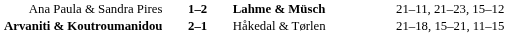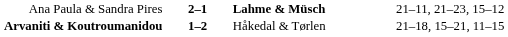 <table>
 <tr>
 <th width=200></th>
 <th width=80></th>
 <th width=200></th>
 <th width=220></th>
 </tr>
 <tr>
 <td align=right>Ana Paula & Sandra Pires</td>
-<td align=center><strong>1–2</strong></td>
+<td align=center><strong>2–1</strong></td>
 <td align=left><strong>Lahme & Müsch</strong></td>
 <td>21–11, 21–23, 15–12</td>
 </tr>
 <tr>
 <td align=right><strong>Arvaniti & Koutroumanidou</strong></td>
-<td align=center><strong>2–1</strong></td>
+<td align=center><strong>1–2</strong></td>
 <td align=left>Håkedal & Tørlen</td>
 <td>21–18, 15–21, 11–15</td>
 </tr>
 </table>
